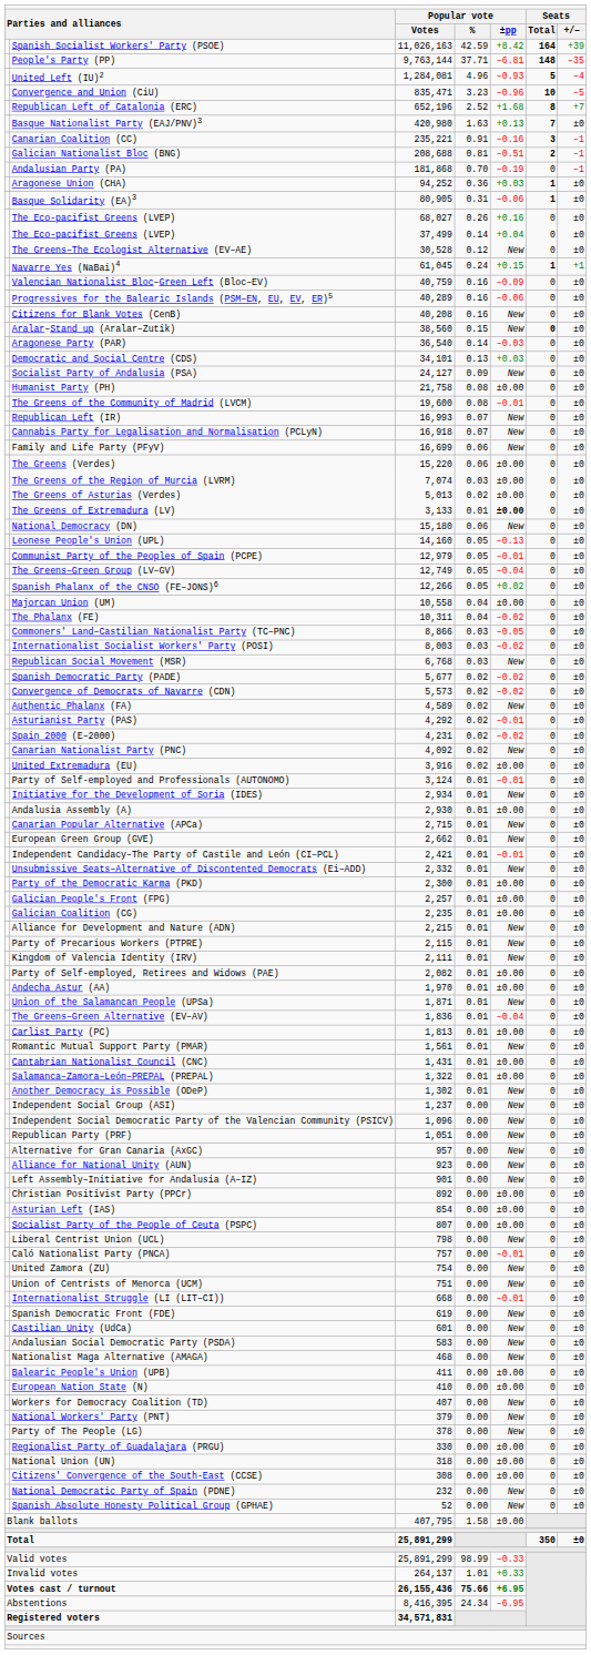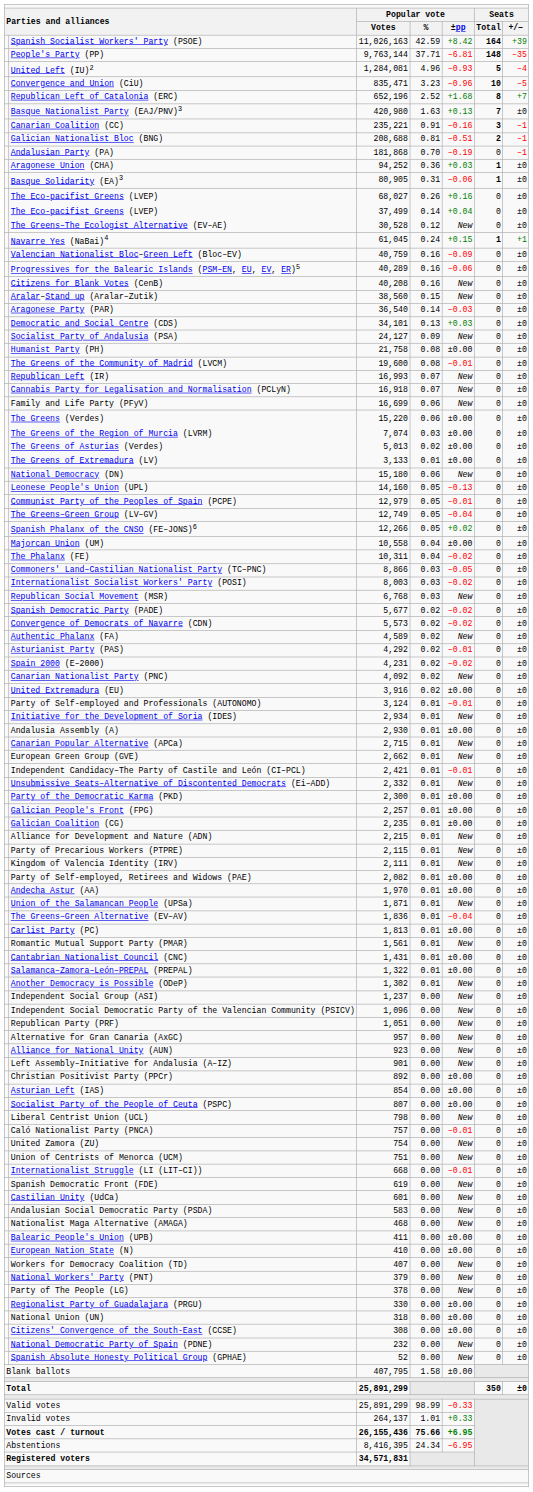 <table class="wikitable" style="text-align:right;">
 <tr>
 <td colspan="7"></td>
 </tr>
 <tr>
 <th style="text-align:left;" rowspan="2" colspan="2" width="525">Parties and alliances</th>
 <th colspan="3">Popular vote</th>
 <th colspan="2">Seats</th>
 </tr>
 <tr>
 <th width="75">Votes</th>
 <th width="45">%</th>
 <th width="45">±<a href='#'>pp</a></th>
 <th width="35">Total</th>
 <th width="35">+/−</th>
 </tr>
 <tr>
 <td width="1" style="color:inherit;background:"></td>
 <td align="left"><a href='#'>Spanish Socialist Workers' Party</a> (PSOE)</td>
 <td>11,026,163</td>
 <td>42.59</td>
 <td style="color:green;">+8.42</td>
 <td><strong>164</strong></td>
 <td style="color:green;">+39</td>
 </tr>
 <tr>
 <td style="color:inherit;background:"></td>
 <td align="left"><a href='#'>People's Party</a> (PP)</td>
 <td>9,763,144</td>
 <td>37.71</td>
 <td style="color:red;">–6.81</td>
 <td><strong>148</strong></td>
 <td style="color:red;">–35</td>
 </tr>
 <tr>
 <td style="color:inherit;background:"></td>
 <td align="left"><a href='#'>United Left</a> (IU)<sup>2</sup></td>
 <td>1,284,081</td>
 <td>4.96</td>
 <td style="color:red;">–0.93</td>
 <td><strong>5</strong></td>
 <td style="color:red;">–4</td>
 </tr>
 <tr>
 <td style="color:inherit;background:"></td>
 <td align="left"><a href='#'>Convergence and Union</a> (CiU)</td>
 <td>835,471</td>
 <td>3.23</td>
 <td style="color:red;">–0.96</td>
 <td><strong>10</strong></td>
 <td style="color:red;">–5</td>
 </tr>
 <tr>
 <td style="color:inherit;background:"></td>
 <td align="left"><a href='#'>Republican Left of Catalonia</a> (ERC)</td>
 <td>652,196</td>
 <td>2.52</td>
 <td style="color:green;">+1.68</td>
 <td><strong>8</strong></td>
 <td style="color:green;">+7</td>
 </tr>
 <tr>
 <td style="color:inherit;background:"></td>
 <td align="left"><a href='#'>Basque Nationalist Party</a> (EAJ/PNV)<sup>3</sup></td>
 <td>420,980</td>
 <td>1.63</td>
 <td style="color:green;">+0.13</td>
 <td><strong>7</strong></td>
 <td>±0</td>
 </tr>
 <tr>
 <td style="color:inherit;background:"></td>
 <td align="left"><a href='#'>Canarian Coalition</a> (CC)</td>
 <td>235,221</td>
 <td>0.91</td>
 <td style="color:red;">–0.16</td>
 <td><strong>3</strong></td>
 <td style="color:red;">–1</td>
 </tr>
 <tr>
 <td style="color:inherit;background:"></td>
 <td align="left"><a href='#'>Galician Nationalist Bloc</a> (BNG)</td>
 <td>208,688</td>
 <td>0.81</td>
 <td style="color:red;">–0.51</td>
 <td><strong>2</strong></td>
 <td style="color:red;">–1</td>
 </tr>
 <tr>
 <td style="color:inherit;background:"></td>
 <td align="left"><a href='#'>Andalusian Party</a> (PA)</td>
 <td>181,868</td>
 <td>0.70</td>
 <td style="color:red;">–0.19</td>
 <td>0</td>
 <td style="color:red;">–1</td>
 </tr>
 <tr>
 <td style="color:inherit;background:"></td>
 <td align="left"><a href='#'>Aragonese Union</a> (CHA)</td>
 <td>94,252</td>
 <td>0.36</td>
 <td style="color:green;">+0.03</td>
 <td><strong>1</strong></td>
 <td>±0</td>
 </tr>
 <tr>
 <td style="color:inherit;background:"></td>
 <td align="left"><a href='#'>Basque Solidarity</a> (EA)<sup>3</sup></td>
 <td>80,905</td>
 <td>0.31</td>
 <td style="color:red;">–0.06</td>
 <td><strong>1</strong></td>
 <td>±0</td>
 </tr>
 <tr style="line-height:22px;">
 <td rowspan="3" style="color:inherit;background:"></td>
 <td align="left"><a href='#'>The Eco-pacifist Greens</a> (LVEP)</td>
 <td>68,027</td>
 <td>0.26</td>
 <td style="color:green;">+0.16</td>
 <td>0</td>
 <td>±0</td>
 </tr>
 <tr style="border-bottom-style:hidden; border-top-style:hidden; line-height:16px;">
 <td align="left"><span><a href='#'>The Eco-pacifist Greens</a> (LVEP)</span></td>
 <td>37,499</td>
 <td>0.14</td>
 <td style="color:green;">+0.04</td>
 <td>0</td>
 <td>±0</td>
 </tr>
 <tr style="line-height:16px;">
 <td align="left"><span><a href='#'>The Greens–The Ecologist Alternative</a> (EV–AE)</span></td>
 <td>30,528</td>
 <td>0.12</td>
 <td><em>New</em></td>
 <td>0</td>
 <td>±0</td>
 </tr>
 <tr>
 <td style="color:inherit;background:"></td>
 <td align="left"><a href='#'>Navarre Yes</a> (NaBai)<sup>4</sup></td>
 <td>61,045</td>
 <td>0.24</td>
 <td style="color:green;">+0.15</td>
 <td><strong>1</strong></td>
 <td style="color:green;">+1</td>
 </tr>
 <tr>
 <td style="color:inherit;background:"></td>
 <td align="left"><a href='#'>Valencian Nationalist Bloc</a>–<a href='#'>Green Left</a> (Bloc–EV)</td>
 <td>40,759</td>
 <td>0.16</td>
 <td style="color:red;">–0.09</td>
 <td>0</td>
 <td>±0</td>
 </tr>
 <tr>
 <td style="color:inherit;background:"></td>
 <td align="left"><a href='#'>Progressives for the Balearic Islands</a> (<a href='#'>PSM–EN</a>, <a href='#'>EU</a>, <a href='#'>EV</a>, <a href='#'>ER</a>)<sup>5</sup></td>
 <td>40,289</td>
 <td>0.16</td>
 <td style="color:red;">–0.06</td>
 <td>0</td>
 <td>±0</td>
 </tr>
 <tr>
 <td style="color:inherit;background:"></td>
 <td align="left"><a href='#'>Citizens for Blank Votes</a> (CenB)</td>
 <td>40,208</td>
 <td>0.16</td>
 <td><em>New</em></td>
 <td>0</td>
 <td>±0</td>
 </tr>
 <tr>
 <td style="color:inherit;background:"></td>
 <td align="left"><a href='#'>Aralar</a>–<a href='#'>Stand up</a> (Aralar–Zutik)</td>
 <td>38,560</td>
 <td>0.15</td>
 <td><em>New</em></td>
-<td><strong>0</strong></td>
+<td>0</td>
 <td>±0</td>
 </tr>
 <tr>
 <td style="color:inherit;background:"></td>
 <td align="left"><a href='#'>Aragonese Party</a> (PAR)</td>
 <td>36,540</td>
 <td>0.14</td>
 <td style="color:red;">–0.03</td>
 <td>0</td>
 <td>±0</td>
 </tr>
 <tr>
 <td style="color:inherit;background:"></td>
 <td align="left"><a href='#'>Democratic and Social Centre</a> (CDS)</td>
 <td>34,101</td>
 <td>0.13</td>
 <td style="color:green;">+0.03</td>
 <td>0</td>
 <td>±0</td>
 </tr>
 <tr>
 <td style="color:inherit;background:"></td>
 <td align="left"><a href='#'>Socialist Party of Andalusia</a> (PSA)</td>
 <td>24,127</td>
 <td>0.09</td>
 <td><em>New</em></td>
 <td>0</td>
 <td>±0</td>
 </tr>
 <tr>
 <td style="color:inherit;background:"></td>
 <td align="left"><a href='#'>Humanist Party</a> (PH)</td>
 <td>21,758</td>
 <td>0.08</td>
 <td>±0.00</td>
 <td>0</td>
 <td>±0</td>
 </tr>
 <tr>
 <td style="color:inherit;background:"></td>
 <td align="left"><a href='#'>The Greens of the Community of Madrid</a> (LVCM)</td>
 <td>19,600</td>
 <td>0.08</td>
 <td style="color:red;">–0.01</td>
 <td>0</td>
 <td>±0</td>
 </tr>
 <tr>
 <td style="color:inherit;background:"></td>
 <td align="left"><a href='#'>Republican Left</a> (IR)</td>
 <td>16,993</td>
 <td>0.07</td>
 <td><em>New</em></td>
 <td>0</td>
 <td>±0</td>
 </tr>
 <tr>
 <td style="color:inherit;background:"></td>
 <td align="left"><a href='#'>Cannabis Party for Legalisation and Normalisation</a> (PCLyN)</td>
 <td>16,918</td>
 <td>0.07</td>
 <td><em>New</em></td>
 <td>0</td>
 <td>±0</td>
 </tr>
 <tr>
 <td style="color:inherit;background:"></td>
 <td align="left">Family and Life Party (PFyV)</td>
 <td>16,699</td>
 <td>0.06</td>
 <td><em>New</em></td>
 <td>0</td>
 <td>±0</td>
 </tr>
 <tr style="line-height:22px;">
 <td rowspan="4" style="color:inherit;background:"></td>
 <td align="left"><a href='#'>The Greens</a> (Verdes)</td>
 <td>15,220</td>
 <td>0.06</td>
 <td>±0.00</td>
 <td>0</td>
 <td>±0</td>
 </tr>
 <tr style="border-bottom-style:hidden; border-top-style:hidden; line-height:16px;">
 <td align="left"><span><a href='#'>The Greens of the Region of Murcia</a> (LVRM)</span></td>
 <td>7,074</td>
 <td>0.03</td>
 <td>±0.00</td>
 <td>0</td>
 <td>±0</td>
 </tr>
 <tr style="border-bottom-style:hidden; line-height:16px;">
 <td align="left"><span><a href='#'>The Greens of Asturias</a> (Verdes)</span></td>
 <td>5,013</td>
 <td>0.02</td>
 <td>±0.00</td>
 <td>0</td>
 <td>±0</td>
 </tr>
 <tr style="line-height:16px;">
 <td align="left"><span><a href='#'>The Greens of Extremadura</a> (LV)</span></td>
 <td>3,133</td>
 <td>0.01</td>
-<td><strong>±0.00</strong></td>
+<td>±0.00</td>
 <td>0</td>
 <td>±0</td>
 </tr>
 <tr>
 <td style="color:inherit;background:"></td>
 <td align="left"><a href='#'>National Democracy</a> (DN)</td>
 <td>15,180</td>
 <td>0.06</td>
 <td><em>New</em></td>
 <td>0</td>
 <td>±0</td>
 </tr>
 <tr>
 <td style="color:inherit;background:"></td>
 <td align="left"><a href='#'>Leonese People's Union</a> (UPL)</td>
 <td>14,160</td>
 <td>0.05</td>
 <td style="color:red;">–0.13</td>
 <td>0</td>
 <td>±0</td>
 </tr>
 <tr>
 <td style="color:inherit;background:"></td>
 <td align="left"><a href='#'>Communist Party of the Peoples of Spain</a> (PCPE)</td>
 <td>12,979</td>
 <td>0.05</td>
 <td style="color:red;">–0.01</td>
 <td>0</td>
 <td>±0</td>
 </tr>
 <tr>
 <td style="color:inherit;background:"></td>
 <td align="left"><a href='#'>The Greens–Green Group</a> (LV–GV)</td>
 <td>12,749</td>
 <td>0.05</td>
 <td style="color:red;">–0.04</td>
 <td>0</td>
 <td>±0</td>
 </tr>
 <tr>
 <td style="color:inherit;background:"></td>
 <td align="left"><a href='#'>Spanish Phalanx of the CNSO</a> (FE–JONS)<sup>6</sup></td>
 <td>12,266</td>
 <td>0.05</td>
 <td style="color:green;">+0.02</td>
 <td>0</td>
 <td>±0</td>
 </tr>
 <tr>
 <td style="color:inherit;background:"></td>
 <td align="left"><a href='#'>Majorcan Union</a> (UM)</td>
 <td>10,558</td>
 <td>0.04</td>
 <td>±0.00</td>
 <td>0</td>
 <td>±0</td>
 </tr>
 <tr>
 <td style="color:inherit;background:"></td>
 <td align="left"><a href='#'>The Phalanx</a> (FE)</td>
 <td>10,311</td>
 <td>0.04</td>
 <td style="color:red;">–0.02</td>
 <td>0</td>
 <td>±0</td>
 </tr>
 <tr>
 <td style="color:inherit;background:"></td>
 <td align="left"><a href='#'>Commoners' Land–Castilian Nationalist Party</a> (TC–PNC)</td>
 <td>8,866</td>
 <td>0.03</td>
 <td style="color:red;">–0.05</td>
 <td>0</td>
 <td>±0</td>
 </tr>
 <tr>
 <td style="color:inherit;background:"></td>
 <td align="left"><a href='#'>Internationalist Socialist Workers' Party</a> (POSI)</td>
 <td>8,003</td>
 <td>0.03</td>
 <td style="color:red;">–0.02</td>
 <td>0</td>
 <td>±0</td>
 </tr>
 <tr>
 <td style="color:inherit;background:"></td>
 <td align="left"><a href='#'>Republican Social Movement</a> (MSR)</td>
 <td>6,768</td>
 <td>0.03</td>
 <td><em>New</em></td>
 <td>0</td>
 <td>±0</td>
 </tr>
 <tr>
 <td style="color:inherit;background:"></td>
 <td align="left"><a href='#'>Spanish Democratic Party</a> (PADE)</td>
 <td>5,677</td>
 <td>0.02</td>
 <td style="color:red;">–0.02</td>
 <td>0</td>
 <td>±0</td>
 </tr>
 <tr>
 <td style="color:inherit;background:"></td>
 <td align="left"><a href='#'>Convergence of Democrats of Navarre</a> (CDN)</td>
 <td>5,573</td>
 <td>0.02</td>
 <td style="color:red;">–0.02</td>
 <td>0</td>
 <td>±0</td>
 </tr>
 <tr>
 <td style="color:inherit;background:"></td>
 <td align="left"><a href='#'>Authentic Phalanx</a> (FA)</td>
 <td>4,589</td>
 <td>0.02</td>
 <td><em>New</em></td>
 <td>0</td>
 <td>±0</td>
 </tr>
 <tr>
 <td style="color:inherit;background:"></td>
 <td align="left"><a href='#'>Asturianist Party</a> (PAS)</td>
 <td>4,292</td>
 <td>0.02</td>
 <td style="color:red;">–0.01</td>
 <td>0</td>
 <td>±0</td>
 </tr>
 <tr>
 <td style="color:inherit;background:"></td>
 <td align="left"><a href='#'>Spain 2000</a> (E–2000)</td>
 <td>4,231</td>
 <td>0.02</td>
 <td style="color:red;">–0.02</td>
 <td>0</td>
 <td>±0</td>
 </tr>
 <tr>
 <td style="color:inherit;background:"></td>
 <td align="left"><a href='#'>Canarian Nationalist Party</a> (PNC)</td>
 <td>4,092</td>
 <td>0.02</td>
 <td><em>New</em></td>
 <td>0</td>
 <td>±0</td>
 </tr>
 <tr>
 <td style="color:inherit;background:"></td>
 <td align="left"><a href='#'>United Extremadura</a> (EU)</td>
 <td>3,916</td>
 <td>0.02</td>
 <td>±0.00</td>
 <td>0</td>
 <td>±0</td>
 </tr>
 <tr>
 <td style="color:inherit;background:"></td>
 <td align="left">Party of Self-employed and Professionals (AUTONOMO)</td>
 <td>3,124</td>
 <td>0.01</td>
 <td style="color:red;">–0.01</td>
 <td>0</td>
 <td>±0</td>
 </tr>
 <tr>
 <td style="color:inherit;background:"></td>
 <td align="left"><a href='#'>Initiative for the Development of Soria</a> (IDES)</td>
 <td>2,934</td>
 <td>0.01</td>
 <td><em>New</em></td>
 <td>0</td>
 <td>±0</td>
 </tr>
 <tr>
 <td style="color:inherit;background:"></td>
 <td align="left">Andalusia Assembly (A)</td>
 <td>2,930</td>
 <td>0.01</td>
 <td>±0.00</td>
 <td>0</td>
 <td>±0</td>
 </tr>
 <tr>
 <td style="color:inherit;background:"></td>
 <td align="left"><a href='#'>Canarian Popular Alternative</a> (APCa)</td>
 <td>2,715</td>
 <td>0.01</td>
 <td><em>New</em></td>
 <td>0</td>
 <td>±0</td>
 </tr>
 <tr>
 <td style="color:inherit;background:"></td>
 <td align="left">European Green Group (GVE)</td>
 <td>2,662</td>
 <td>0.01</td>
 <td><em>New</em></td>
 <td>0</td>
 <td>±0</td>
 </tr>
 <tr>
 <td style="color:inherit;background:"></td>
 <td align="left">Independent Candidacy–The Party of Castile and León (CI–PCL)</td>
 <td>2,421</td>
 <td>0.01</td>
 <td style="color:red;">–0.01</td>
 <td>0</td>
 <td>±0</td>
 </tr>
 <tr>
 <td style="color:inherit;background:"></td>
 <td align="left"><a href='#'>Unsubmissive Seats–Alternative of Discontented Democrats</a> (Ei–ADD)</td>
 <td>2,332</td>
 <td>0.01</td>
 <td><em>New</em></td>
 <td>0</td>
 <td>±0</td>
 </tr>
 <tr>
 <td style="color:inherit;background:"></td>
 <td align="left"><a href='#'>Party of the Democratic Karma</a> (PKD)</td>
 <td>2,300</td>
 <td>0.01</td>
 <td>±0.00</td>
 <td>0</td>
 <td>±0</td>
 </tr>
 <tr>
 <td style="color:inherit;background:"></td>
 <td align="left"><a href='#'>Galician People's Front</a> (FPG)</td>
 <td>2,257</td>
 <td>0.01</td>
 <td>±0.00</td>
 <td>0</td>
 <td>±0</td>
 </tr>
 <tr>
 <td style="color:inherit;background:"></td>
 <td align="left"><a href='#'>Galician Coalition</a> (CG)</td>
 <td>2,235</td>
 <td>0.01</td>
 <td>±0.00</td>
 <td>0</td>
 <td>±0</td>
 </tr>
 <tr>
 <td style="color:inherit;background:"></td>
 <td align="left">Alliance for Development and Nature (ADN)</td>
 <td>2,215</td>
 <td>0.01</td>
 <td><em>New</em></td>
 <td>0</td>
 <td>±0</td>
 </tr>
 <tr>
 <td style="color:inherit;background:"></td>
 <td align="left">Party of Precarious Workers (PTPRE)</td>
 <td>2,115</td>
 <td>0.01</td>
 <td><em>New</em></td>
 <td>0</td>
 <td>±0</td>
 </tr>
 <tr>
 <td style="color:inherit;background:"></td>
 <td align="left">Kingdom of Valencia Identity (IRV)</td>
 <td>2,111</td>
 <td>0.01</td>
 <td><em>New</em></td>
 <td>0</td>
 <td>±0</td>
 </tr>
 <tr>
 <td style="color:inherit;background:"></td>
 <td align="left">Party of Self-employed, Retirees and Widows (PAE)</td>
 <td>2,082</td>
 <td>0.01</td>
 <td>±0.00</td>
 <td>0</td>
 <td>±0</td>
 </tr>
 <tr>
 <td style="color:inherit;background:"></td>
 <td align="left"><a href='#'>Andecha Astur</a> (AA)</td>
 <td>1,970</td>
 <td>0.01</td>
 <td>±0.00</td>
 <td>0</td>
 <td>±0</td>
 </tr>
 <tr>
 <td style="color:inherit;background:"></td>
 <td align="left"><a href='#'>Union of the Salamancan People</a> (UPSa)</td>
 <td>1,871</td>
 <td>0.01</td>
 <td><em>New</em></td>
 <td>0</td>
 <td>±0</td>
 </tr>
 <tr>
 <td style="color:inherit;background:"></td>
 <td align="left"><a href='#'>The Greens–Green Alternative</a> (EV–AV)</td>
 <td>1,836</td>
 <td>0.01</td>
 <td style="color:red;">–0.04</td>
 <td>0</td>
 <td>±0</td>
 </tr>
 <tr>
 <td style="color:inherit;background:"></td>
 <td align="left"><a href='#'>Carlist Party</a> (PC)</td>
 <td>1,813</td>
 <td>0.01</td>
 <td>±0.00</td>
 <td>0</td>
 <td>±0</td>
 </tr>
 <tr>
 <td style="color:inherit;background:"></td>
 <td align="left">Romantic Mutual Support Party (PMAR)</td>
 <td>1,561</td>
 <td>0.01</td>
 <td><em>New</em></td>
 <td>0</td>
 <td>±0</td>
 </tr>
 <tr>
 <td style="color:inherit;background:"></td>
 <td align="left"><a href='#'>Cantabrian Nationalist Council</a> (CNC)</td>
 <td>1,431</td>
 <td>0.01</td>
 <td>±0.00</td>
 <td>0</td>
 <td>±0</td>
 </tr>
 <tr>
 <td style="color:inherit;background:"></td>
 <td align="left"><a href='#'>Salamanca–Zamora–León–PREPAL</a> (PREPAL)</td>
 <td>1,322</td>
 <td>0.01</td>
 <td>±0.00</td>
 <td>0</td>
 <td>±0</td>
 </tr>
 <tr>
 <td style="color:inherit;background:"></td>
 <td align="left"><a href='#'>Another Democracy is Possible</a> (ODeP)</td>
 <td>1,302</td>
 <td>0.01</td>
 <td><em>New</em></td>
 <td>0</td>
 <td>±0</td>
 </tr>
 <tr>
 <td style="color:inherit;background:"></td>
 <td align="left">Independent Social Group (ASI)</td>
 <td>1,237</td>
 <td>0.00</td>
 <td><em>New</em></td>
 <td>0</td>
 <td>±0</td>
 </tr>
 <tr>
 <td style="color:inherit;background:"></td>
 <td align="left">Independent Social Democratic Party of the Valencian Community (PSICV)</td>
 <td>1,096</td>
 <td>0.00</td>
 <td><em>New</em></td>
 <td>0</td>
 <td>±0</td>
 </tr>
 <tr>
 <td style="color:inherit;background:"></td>
 <td align="left">Republican Party (PRF)</td>
 <td>1,051</td>
 <td>0.00</td>
 <td><em>New</em></td>
 <td>0</td>
 <td>±0</td>
 </tr>
 <tr>
 <td style="color:inherit;background:"></td>
 <td align="left">Alternative for Gran Canaria (AxGC)</td>
 <td>957</td>
 <td>0.00</td>
 <td><em>New</em></td>
 <td>0</td>
 <td>±0</td>
 </tr>
 <tr>
 <td style="color:inherit;background:"></td>
 <td align="left"><a href='#'>Alliance for National Unity</a> (AUN)</td>
 <td>923</td>
 <td>0.00</td>
 <td><em>New</em></td>
 <td>0</td>
 <td>±0</td>
 </tr>
 <tr>
 <td style="color:inherit;background:"></td>
 <td align="left">Left Assembly–Initiative for Andalusia (A–IZ)</td>
 <td>901</td>
 <td>0.00</td>
 <td><em>New</em></td>
 <td>0</td>
 <td>±0</td>
 </tr>
 <tr>
 <td style="color:inherit;background:"></td>
 <td align="left">Christian Positivist Party (PPCr)</td>
 <td>892</td>
 <td>0.00</td>
 <td>±0.00</td>
 <td>0</td>
 <td>±0</td>
 </tr>
 <tr>
 <td style="color:inherit;background:"></td>
 <td align="left"><a href='#'>Asturian Left</a> (IAS)</td>
 <td>854</td>
 <td>0.00</td>
 <td>±0.00</td>
 <td>0</td>
 <td>±0</td>
 </tr>
 <tr>
 <td style="color:inherit;background:"></td>
 <td align="left"><a href='#'>Socialist Party of the People of Ceuta</a> (PSPC)</td>
 <td>807</td>
 <td>0.00</td>
 <td>±0.00</td>
 <td>0</td>
 <td>±0</td>
 </tr>
 <tr>
 <td style="color:inherit;background:"></td>
 <td align="left">Liberal Centrist Union (UCL)</td>
 <td>798</td>
 <td>0.00</td>
 <td><em>New</em></td>
 <td>0</td>
 <td>±0</td>
 </tr>
 <tr>
 <td style="color:inherit;background:"></td>
 <td align="left">Caló Nationalist Party (PNCA)</td>
 <td>757</td>
 <td>0.00</td>
 <td style="color:red;">–0.01</td>
 <td>0</td>
 <td>±0</td>
 </tr>
 <tr>
 <td style="color:inherit;background:"></td>
 <td align="left">United Zamora (ZU)</td>
 <td>754</td>
 <td>0.00</td>
 <td><em>New</em></td>
 <td>0</td>
 <td>±0</td>
 </tr>
 <tr>
 <td style="color:inherit;background:"></td>
 <td align="left">Union of Centrists of Menorca (UCM)</td>
 <td>751</td>
 <td>0.00</td>
 <td><em>New</em></td>
 <td>0</td>
 <td>±0</td>
 </tr>
 <tr>
 <td style="color:inherit;background:"></td>
 <td align="left"><a href='#'>Internationalist Struggle</a> (LI (LIT–CI))</td>
 <td>668</td>
 <td>0.00</td>
 <td style="color:red;">–0.01</td>
 <td>0</td>
 <td>±0</td>
 </tr>
 <tr>
 <td bgcolor="white"></td>
 <td align="left">Spanish Democratic Front (FDE)</td>
 <td>619</td>
 <td>0.00</td>
 <td><em>New</em></td>
 <td>0</td>
 <td>±0</td>
 </tr>
 <tr>
 <td style="color:inherit;background:"></td>
 <td align="left"><a href='#'>Castilian Unity</a> (UdCa)</td>
 <td>601</td>
 <td>0.00</td>
 <td><em>New</em></td>
 <td>0</td>
 <td>±0</td>
 </tr>
 <tr>
 <td style="color:inherit;background:"></td>
 <td align="left">Andalusian Social Democratic Party (PSDA)</td>
 <td>583</td>
 <td>0.00</td>
 <td><em>New</em></td>
 <td>0</td>
 <td>±0</td>
 </tr>
 <tr>
 <td style="color:inherit;background:"></td>
 <td align="left">Nationalist Maga Alternative (AMAGA)</td>
 <td>468</td>
 <td>0.00</td>
 <td><em>New</em></td>
 <td>0</td>
 <td>±0</td>
 </tr>
 <tr>
 <td style="color:inherit;background:"></td>
 <td align="left"><a href='#'>Balearic People's Union</a> (UPB)</td>
 <td>411</td>
 <td>0.00</td>
 <td>±0.00</td>
 <td>0</td>
 <td>±0</td>
 </tr>
 <tr>
 <td style="color:inherit;background:"></td>
 <td align="left"><a href='#'>European Nation State</a> (N)</td>
 <td>410</td>
 <td>0.00</td>
 <td>±0.00</td>
 <td>0</td>
 <td>±0</td>
 </tr>
 <tr>
 <td style="color:inherit;background:"></td>
 <td align="left">Workers for Democracy Coalition (TD)</td>
 <td>407</td>
 <td>0.00</td>
 <td><em>New</em></td>
 <td>0</td>
 <td>±0</td>
 </tr>
 <tr>
 <td style="color:inherit;background:"></td>
 <td align="left"><a href='#'>National Workers' Party</a> (PNT)</td>
 <td>379</td>
 <td>0.00</td>
 <td><em>New</em></td>
 <td>0</td>
 <td>±0</td>
 </tr>
 <tr>
 <td bgcolor="white"></td>
 <td align="left">Party of The People (LG)</td>
 <td>378</td>
 <td>0.00</td>
 <td><em>New</em></td>
 <td>0</td>
 <td>±0</td>
 </tr>
 <tr>
 <td style="color:inherit;background:"></td>
 <td align="left"><a href='#'>Regionalist Party of Guadalajara</a> (PRGU)</td>
 <td>330</td>
 <td>0.00</td>
 <td>±0.00</td>
 <td>0</td>
 <td>±0</td>
 </tr>
 <tr>
 <td bgcolor="white"></td>
 <td align="left">National Union (UN)</td>
 <td>318</td>
 <td>0.00</td>
 <td>±0.00</td>
 <td>0</td>
 <td>±0</td>
 </tr>
 <tr>
 <td style="color:inherit;background:"></td>
 <td align="left"><a href='#'>Citizens' Convergence of the South-East</a> (CCSE)</td>
 <td>308</td>
 <td>0.00</td>
 <td>±0.00</td>
 <td>0</td>
 <td>±0</td>
 </tr>
 <tr>
 <td style="color:inherit;background:"></td>
 <td align="left"><a href='#'>National Democratic Party of Spain</a> (PDNE)</td>
 <td>232</td>
 <td>0.00</td>
 <td><em>New</em></td>
 <td>0</td>
 <td>±0</td>
 </tr>
 <tr>
 <td bgcolor="white"></td>
 <td align="left"><a href='#'>Spanish Absolute Honesty Political Group</a> (GPHAE)</td>
 <td>52</td>
 <td>0.00</td>
 <td><em>New</em></td>
 <td>0</td>
 <td>±0</td>
 </tr>
 <tr>
 <td align="left" colspan="2">Blank ballots</td>
 <td>407,795</td>
 <td>1.58</td>
 <td>±0.00</td>
 <td bgcolor="#E9E9E9" colspan="2"></td>
 </tr>
 <tr>
 <td colspan="7" bgcolor="#E9E9E9"></td>
 </tr>
 <tr style="font-weight:bold;">
 <td align="left" colspan="2">Total</td>
 <td>25,891,299</td>
 <td bgcolor="#E9E9E9" colspan="2"></td>
 <td>350</td>
 <td>±0</td>
 </tr>
 <tr>
 <td colspan="7" bgcolor="#E9E9E9"></td>
 </tr>
 <tr>
 <td align="left" colspan="2">Valid votes</td>
 <td>25,891,299</td>
 <td>98.99</td>
 <td style="color:red;">–0.33</td>
 <td bgcolor="#E9E9E9" colspan="2" rowspan="5"></td>
 </tr>
 <tr>
 <td align="left" colspan="2">Invalid votes</td>
 <td>264,137</td>
 <td>1.01</td>
 <td style="color:green;">+0.33</td>
 </tr>
 <tr style="font-weight:bold;">
 <td align="left" colspan="2">Votes cast / turnout</td>
 <td>26,155,436</td>
 <td>75.66</td>
 <td style="color:green;">+6.95</td>
 </tr>
 <tr>
 <td align="left" colspan="2">Abstentions</td>
 <td>8,416,395</td>
 <td>24.34</td>
 <td style="color:red;">–6.95</td>
 </tr>
 <tr style="font-weight:bold;">
 <td align="left" colspan="2">Registered voters</td>
 <td>34,571,831</td>
 <td bgcolor="#E9E9E9" colspan="2"></td>
 </tr>
 <tr>
 <td colspan="7" bgcolor="#E9E9E9"></td>
 </tr>
 <tr>
 <td align="left" colspan="7">Sources</td>
 </tr>
 <tr>
 <td colspan="7" style="text-align:left; max-width:790px;"></td>
 </tr>
 </table>
